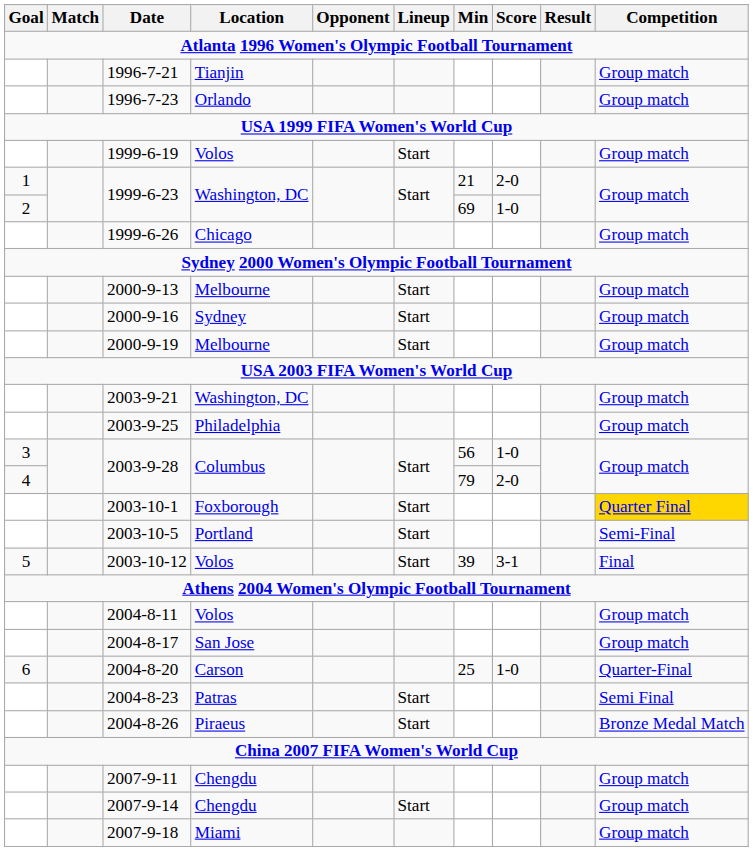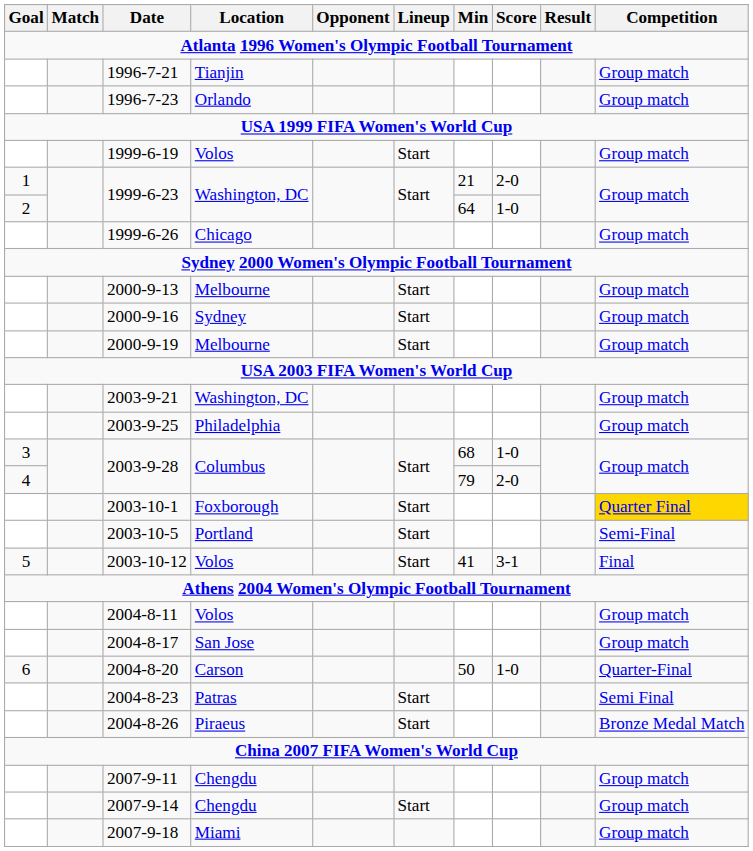 <table class="wikitable collapsible" style="fontsize:90%;">
 <tr>
 <th>Goal</th>
 <th>Match</th>
 <th>Date</th>
 <th>Location</th>
 <th>Opponent</th>
 <th>Lineup</th>
 <th>Min</th>
 <th>Score</th>
 <th>Result</th>
 <th>Competition</th>
 </tr>
 <tr>
 <td colspan=10 align=center > <strong><a href='#'>Atlanta</a> <a href='#'>1996 Women's Olympic Football Tournament</a></strong></td>
 </tr>
 <tr>
 <td style="background:white;"></td>
 <td></td>
 <td>1996-7-21</td>
 <td><a href='#'>Tianjin</a></td>
 <td></td>
 <td></td>
 <td style="background:white;"></td>
 <td style="background:white;"></td>
 <td></td>
 <td><a href='#'>Group match</a></td>
 </tr>
 <tr>
 <td style="background:white;"></td>
 <td></td>
 <td>1996-7-23</td>
 <td><a href='#'>Orlando</a></td>
 <td></td>
 <td></td>
 <td style="background:white;"></td>
 <td style="background:white;"></td>
 <td></td>
 <td><a href='#'>Group match</a></td>
 </tr>
 <tr>
 <td colspan=10 align=center > <strong><a href='#'>USA 1999 FIFA Women's World Cup</a></strong></td>
 </tr>
 <tr>
 <td style="background:white;"></td>
 <td></td>
 <td>1999-6-19</td>
 <td><a href='#'>Volos</a></td>
 <td></td>
 <td>Start</td>
 <td style="background:white;"></td>
 <td style="background:white;"></td>
 <td></td>
 <td><a href='#'>Group match</a></td>
 </tr>
 <tr>
 <td align=center>1</td>
 <td align=center rowspan=2></td>
 <td rowspan=2>1999-6-23</td>
 <td rowspan=2><a href='#'>Washington, DC</a></td>
 <td rowspan=2></td>
 <td rowspan=2>Start</td>
 <td>21</td>
 <td>2-0</td>
 <td rowspan=2></td>
 <td rowspan=2 ><a href='#'>Group match</a></td>
 </tr>
 <tr>
 <td align=center>2</td>
-<td>69</td>
+<td>64</td>
 <td>1-0</td>
 </tr>
 <tr>
 <td style="background:white;"></td>
 <td></td>
 <td>1999-6-26</td>
 <td><a href='#'>Chicago</a></td>
 <td></td>
 <td></td>
 <td style="background:white;"></td>
 <td style="background:white;"></td>
 <td></td>
 <td><a href='#'>Group match</a></td>
 </tr>
 <tr>
 <td colspan=10 align=center > <strong><a href='#'>Sydney</a> <a href='#'>2000 Women's Olympic Football Tournament</a></strong></td>
 </tr>
 <tr>
 <td style="background:white;"></td>
 <td></td>
 <td>2000-9-13</td>
 <td><a href='#'>Melbourne</a></td>
 <td></td>
 <td>Start</td>
 <td style="background:white;"></td>
 <td style="background:white;"></td>
 <td></td>
 <td><a href='#'>Group match</a></td>
 </tr>
 <tr>
 <td style="background:white;"></td>
 <td></td>
 <td>2000-9-16</td>
 <td><a href='#'>Sydney</a></td>
 <td></td>
 <td>Start</td>
 <td style="background:white;"></td>
 <td style="background:white;"></td>
 <td></td>
 <td><a href='#'>Group match</a></td>
 </tr>
 <tr>
 <td style="background:white;"></td>
 <td></td>
 <td>2000-9-19</td>
 <td><a href='#'>Melbourne</a></td>
 <td></td>
 <td>Start</td>
 <td style="background:white;"></td>
 <td style="background:white;"></td>
 <td></td>
 <td><a href='#'>Group match</a></td>
 </tr>
 <tr>
 <td colspan=10 align=center > <strong><a href='#'>USA 2003 FIFA Women's World Cup</a></strong></td>
 </tr>
 <tr>
 <td style="background:white;"></td>
 <td></td>
 <td>2003-9-21</td>
 <td><a href='#'>Washington, DC</a></td>
 <td></td>
 <td></td>
 <td style="background:white;"></td>
 <td style="background:white;"></td>
 <td></td>
 <td><a href='#'>Group match</a></td>
 </tr>
 <tr>
 <td style="background:white;"></td>
 <td></td>
 <td>2003-9-25</td>
 <td><a href='#'>Philadelphia</a></td>
 <td></td>
 <td></td>
 <td style="background:white;"></td>
 <td style="background:white;"></td>
 <td></td>
 <td><a href='#'>Group match</a></td>
 </tr>
 <tr>
 <td align=center>3</td>
 <td align=center rowspan=2></td>
 <td rowspan=2>2003-9-28</td>
 <td rowspan=2><a href='#'>Columbus</a></td>
 <td rowspan=2></td>
 <td rowspan=2>Start</td>
-<td>56</td>
+<td>68</td>
 <td>1-0</td>
 <td rowspan=2></td>
 <td rowspan=2 ><a href='#'>Group match</a></td>
 </tr>
 <tr>
 <td align=center>4</td>
 <td>79</td>
 <td>2-0</td>
 </tr>
 <tr>
 <td style="background:white;"></td>
 <td></td>
 <td>2003-10-1</td>
 <td><a href='#'>Foxborough</a></td>
 <td></td>
 <td>Start</td>
 <td style="background:white;"></td>
 <td style="background:white;"></td>
 <td></td>
 <td style="background: gold;"><a href='#'>Quarter Final</a></td>
 </tr>
 <tr>
 <td style="background:white;"></td>
 <td></td>
 <td>2003-10-5</td>
 <td><a href='#'>Portland</a></td>
 <td></td>
 <td>Start</td>
 <td style="background:white;"></td>
 <td style="background:white;"></td>
 <td></td>
 <td><a href='#'>Semi-Final</a></td>
 </tr>
 <tr>
 <td align=center>5</td>
 <td></td>
 <td>2003-10-12</td>
 <td><a href='#'>Volos</a></td>
 <td></td>
 <td>Start</td>
-<td>39</td>
+<td>41</td>
 <td>3-1</td>
 <td></td>
 <td><a href='#'>Final</a></td>
 </tr>
 <tr>
 <td colspan=10 align=center > <strong><a href='#'>Athens</a> <a href='#'>2004 Women's Olympic Football Tournament</a></strong></td>
 </tr>
 <tr>
 <td style="background:white;"></td>
 <td></td>
 <td>2004-8-11</td>
 <td><a href='#'>Volos</a></td>
 <td></td>
 <td></td>
 <td style="background:white;"></td>
 <td style="background:white;"></td>
 <td></td>
 <td><a href='#'>Group match</a></td>
 </tr>
 <tr>
 <td style="background:white;"></td>
 <td></td>
 <td>2004-8-17</td>
 <td><a href='#'>San Jose</a></td>
 <td></td>
 <td></td>
 <td style="background:white;"></td>
 <td style="background:white;"></td>
 <td></td>
 <td><a href='#'>Group match</a></td>
 </tr>
 <tr>
 <td align=center>6</td>
 <td></td>
 <td>2004-8-20</td>
 <td><a href='#'>Carson</a></td>
 <td></td>
 <td></td>
-<td>25</td>
+<td>50</td>
 <td>1-0</td>
 <td></td>
 <td><a href='#'>Quarter-Final</a></td>
 </tr>
 <tr>
 <td style="background:white;"></td>
 <td></td>
 <td>2004-8-23</td>
 <td><a href='#'>Patras</a></td>
 <td></td>
 <td>Start</td>
 <td style="background:white;"></td>
 <td style="background:white;"></td>
 <td></td>
 <td><a href='#'>Semi Final</a></td>
 </tr>
 <tr>
 <td style="background:white;"></td>
 <td></td>
 <td>2004-8-26</td>
 <td><a href='#'>Piraeus</a></td>
 <td></td>
 <td>Start</td>
 <td style="background:white;"></td>
 <td style="background:white;"></td>
 <td></td>
 <td><a href='#'>Bronze Medal Match</a></td>
 </tr>
 <tr>
 <td colspan=10 align=center > <strong><a href='#'>China 2007 FIFA Women's World Cup</a></strong></td>
 </tr>
 <tr>
 <td style="background:white;"></td>
 <td></td>
 <td>2007-9-11</td>
 <td><a href='#'>Chengdu</a></td>
 <td></td>
 <td></td>
 <td style="background:white;"></td>
 <td style="background:white;"></td>
 <td></td>
 <td><a href='#'>Group match</a></td>
 </tr>
 <tr>
 <td style="background:white;"></td>
 <td></td>
 <td>2007-9-14</td>
 <td><a href='#'>Chengdu</a></td>
 <td></td>
 <td>Start</td>
 <td style="background:white;"></td>
 <td style="background:white;"></td>
 <td></td>
 <td><a href='#'>Group match</a></td>
 </tr>
 <tr>
 <td style="background:white;"></td>
 <td></td>
 <td>2007-9-18</td>
 <td><a href='#'>Miami</a></td>
 <td></td>
 <td></td>
 <td style="background:white;"></td>
 <td style="background:white;"></td>
 <td></td>
 <td><a href='#'>Group match</a></td>
 </tr>
 <tr>
 </tr>
 </table>
